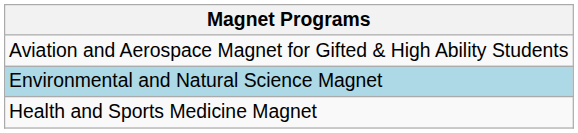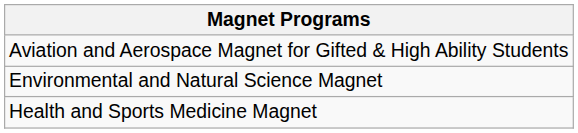 <table class="wikitable sortable">
 <tr>
 <th>Magnet Programs</th>
 </tr>
 <tr>
 <td>Aviation and Aerospace Magnet for Gifted & High Ability Students</td>
 </tr>
 <tr>
-<td style="background: lightblue;">Environmental and Natural Science Magnet</td>
+<td>Environmental and Natural Science Magnet</td>
 </tr>
 <tr>
 <td>Health and Sports Medicine Magnet</td>
 </tr>
 </table>
